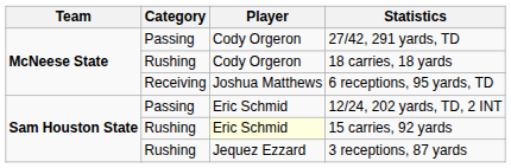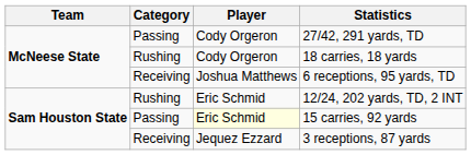 <table class="wikitable" style="float: right;">
 <tr>
 <th>Team</th>
 <th>Category</th>
 <th>Player</th>
 <th>Statistics</th>
 </tr>
 <tr>
 <td rowspan=3><strong>McNeese State</strong></td>
 <td>Passing</td>
 <td>Cody Orgeron</td>
 <td>27/42, 291 yards, TD</td>
 </tr>
 <tr>
 <td>Rushing</td>
 <td>Cody Orgeron</td>
 <td>18 carries, 18 yards</td>
 </tr>
 <tr>
 <td>Receiving</td>
 <td>Joshua Matthews</td>
 <td>6 receptions, 95 yards, TD</td>
 </tr>
 <tr>
 <td rowspan=3><strong>Sam Houston State</strong></td>
-<td>Passing</td>
+<td>Rushing</td>
 <td>Eric Schmid</td>
 <td>12/24, 202 yards, TD, 2 INT</td>
 </tr>
 <tr>
-<td>Rushing</td>
+<td>Passing</td>
 <td style="background: lightyellow;">Eric Schmid</td>
 <td>15 carries, 92 yards</td>
 </tr>
 <tr>
-<td>Rushing</td>
+<td>Receiving</td>
 <td>Jequez Ezzard</td>
 <td>3 receptions, 87 yards</td>
 </tr>
 </table>
